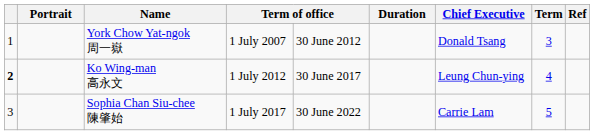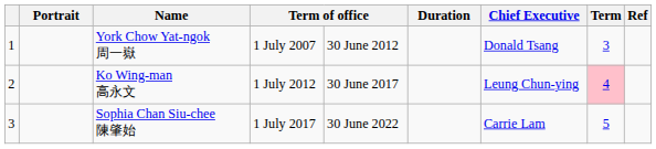 <table class="wikitable"  style="text-align:left">
 <tr>
 <th width=10px></th>
 <th width=80px>Portrait</th>
 <th width=180px>Name</th>
 <th width=180px colspan=2>Term of office</th>
 <th width=80px>Duration</th>
 <th width=120px><a href='#'>Chief Executive</a></th>
 <th>Term</th>
 <th>Ref</th>
 </tr>
 <tr>
 <td bgcolor=>1</td>
 <td></td>
 <td><a href='#'>York Chow Yat-ngok</a><br>周一嶽</td>
 <td>1 July 2007</td>
 <td>30 June 2012</td>
 <td></td>
 <td><a href='#'>Donald Tsang</a><br></td>
 <td align=center><a href='#'>3</a></td>
 <td></td>
 </tr>
 <tr>
-<td bgcolor=><strong>2</strong></td>
+<td bgcolor=>2</td>
 <td></td>
 <td><a href='#'>Ko Wing-man</a><br>高永文</td>
 <td>1 July 2012</td>
 <td>30 June 2017</td>
 <td></td>
 <td><a href='#'>Leung Chun-ying</a><br></td>
-<td align=center><a href='#'>4</a></td>
+<td align=center style="background: pink;"><a href='#'>4</a></td>
 <td></td>
 </tr>
 <tr>
 <td bgcolor=>3</td>
 <td></td>
 <td><a href='#'>Sophia Chan Siu-chee</a><br>陳肇始</td>
 <td>1 July 2017</td>
 <td>30 June 2022</td>
 <td></td>
 <td><a href='#'>Carrie Lam</a><br></td>
 <td rowspan=2 align=center><a href='#'>5</a></td>
 <td></td>
 </tr>
 </table>
